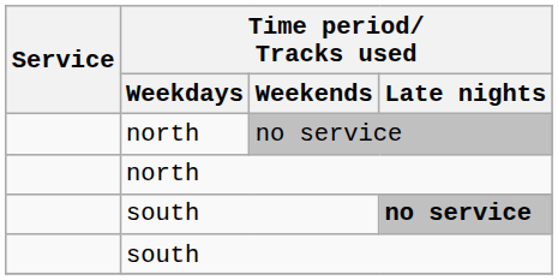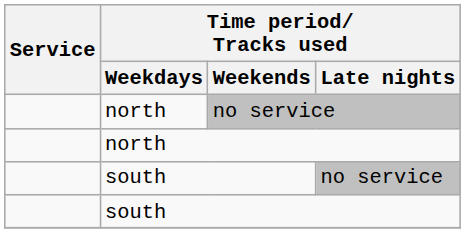 <table class="wikitable">
 <tr>
 <th rowspan=2>Service</th>
 <th colspan=3>Time period/<br>Tracks used</th>
 </tr>
 <tr>
 <th>Weekdays</th>
 <th>Weekends</th>
 <th>Late nights</th>
 </tr>
 <tr>
 <td></td>
 <td>north</td>
 <td colspan=2 bgcolor=silver>no service</td>
 </tr>
 <tr>
 <td></td>
 <td colspan=3>north</td>
 </tr>
 <tr>
 <td></td>
 <td colspan=2>south</td>
-<td bgcolor=silver><strong>no service</strong></td>
+<td bgcolor=silver>no service</td>
 </tr>
 <tr>
 <td></td>
 <td colspan=3>south</td>
 </tr>
 <tr>
 </tr>
 </table>
